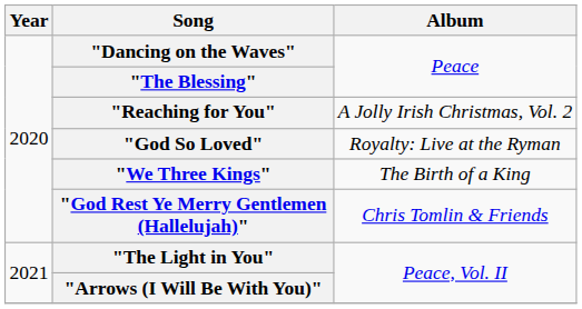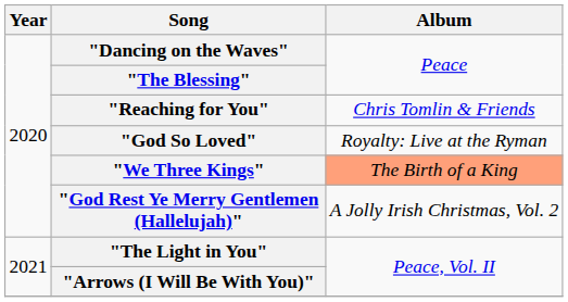 <table class="wikitable plainrowheaders" style="text-align:center;">
 <tr>
 <th rowspan="1">Year</th>
 <th rowspan="1" style="width:14em;">Song</th>
 <th rowspan="1">Album</th>
 </tr>
 <tr>
 <td rowspan="6">2020</td>
 <th scope="row">"Dancing on the Waves" <br> </th>
 <td rowspan="2"><em><a href='#'>Peace</a></em></td>
 </tr>
 <tr>
 <th scope="row">"<a href='#'>The Blessing</a>" <br> </th>
 </tr>
 <tr>
 <th scope="row">"Reaching for You" <br> </th>
-<td><em>A Jolly Irish Christmas, Vol. 2</em></td>
+<td><em><a href='#'>Chris Tomlin & Friends</a></em></td>
 </tr>
 <tr>
 <th scope="row">"God So Loved" <br> </th>
 <td><em>Royalty: Live at the Ryman</em></td>
 </tr>
 <tr>
 <th scope="row">"<a href='#'>We Three Kings</a>" <br> </th>
-<td><em>The Birth of a King</em></td>
+<td style="background: lightsalmon;"><em>The Birth of a King</em></td>
 </tr>
 <tr>
 <th scope="row">"<a href='#'>God Rest Ye Merry Gentlemen (Hallelujah)</a>" <br> </th>
-<td><em><a href='#'>Chris Tomlin & Friends</a></em></td>
+<td><em>A Jolly Irish Christmas, Vol. 2</em></td>
 </tr>
 <tr>
 <td rowspan="2">2021</td>
 <th scope="row">"The Light in You" <br> </th>
 <td rowspan="2"><em><a href='#'>Peace, Vol. II</a></em></td>
 </tr>
 <tr>
 <th scope="row">"Arrows (I Will Be With You)" <br> </th>
 </tr>
 <tr>
 </tr>
 </table>
